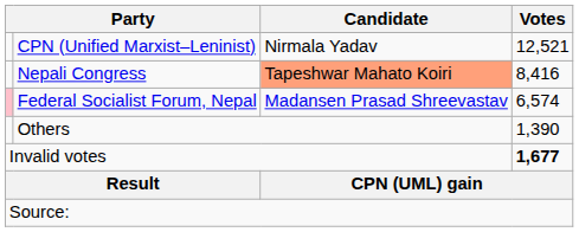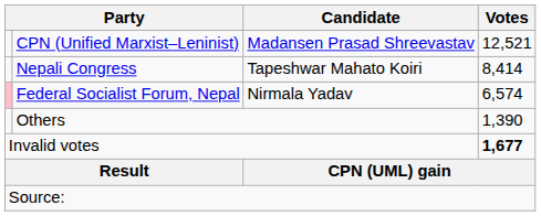 <table class="wikitable">
 <tr>
 <th colspan="2">Party</th>
 <th>Candidate</th>
 <th>Votes</th>
 </tr>
 <tr>
 <td style="background-color:"></td>
 <td><a href='#'>CPN (Unified Marxist–Leninist)</a></td>
-<td>Nirmala Yadav</td>
+<td><a href='#'>Madansen Prasad Shreevastav</a></td>
 <td>12,521</td>
 </tr>
 <tr>
 <td style="background-color:"></td>
 <td><a href='#'>Nepali Congress</a></td>
-<td style="background: lightsalmon;">Tapeshwar Mahato Koiri</td>
-<td>8,416</td>
+<td>Tapeshwar Mahato Koiri</td>
+<td>8,414</td>
 </tr>
 <tr>
 <td style="background-color:pink"></td>
 <td><a href='#'>Federal Socialist Forum, Nepal</a></td>
-<td><a href='#'>Madansen Prasad Shreevastav</a></td>
+<td>Nirmala Yadav</td>
 <td>6,574</td>
 </tr>
 <tr>
 <td></td>
 <td colspan="2">Others</td>
 <td>1,390</td>
 </tr>
 <tr>
 <td colspan="3">Invalid votes</td>
 <td><strong>1,677</strong></td>
 </tr>
 <tr>
 <th colspan="2">Result</th>
 <th colspan="2">CPN (UML) gain</th>
 </tr>
 <tr>
 <td colspan="4">Source: </td>
 </tr>
 </table>
